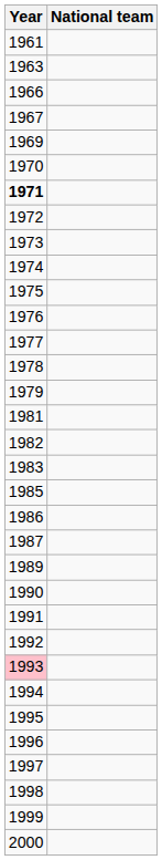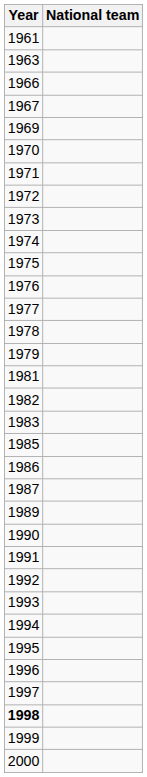 <table class="wikitable">
 <tr>
 <th>Year</th>
 <th>National team</th>
 </tr>
 <tr>
 <td>1961</td>
 <td></td>
 </tr>
 <tr>
 <td>1963</td>
 <td></td>
 </tr>
 <tr>
 <td>1966</td>
 <td></td>
 </tr>
 <tr>
 <td>1967</td>
 <td></td>
 </tr>
 <tr>
 <td>1969</td>
 <td></td>
 </tr>
 <tr>
 <td>1970</td>
 <td></td>
 </tr>
 <tr>
-<td><strong>1971</strong></td>
+<td>1971</td>
 <td></td>
 </tr>
 <tr>
 <td>1972</td>
 <td></td>
 </tr>
 <tr>
 <td>1973</td>
 <td></td>
 </tr>
 <tr>
 <td>1974</td>
 <td></td>
 </tr>
 <tr>
 <td>1975</td>
 <td></td>
 </tr>
 <tr>
 <td>1976</td>
 <td></td>
 </tr>
 <tr>
 <td>1977</td>
 <td></td>
 </tr>
 <tr>
 <td>1978</td>
 <td></td>
 </tr>
 <tr>
 <td>1979</td>
 <td></td>
 </tr>
 <tr>
 <td>1981</td>
 <td></td>
 </tr>
 <tr>
 <td>1982</td>
 <td></td>
 </tr>
 <tr>
 <td>1983</td>
 <td></td>
 </tr>
 <tr>
 <td>1985</td>
 <td></td>
 </tr>
 <tr>
 <td>1986</td>
 <td></td>
 </tr>
 <tr>
 <td>1987</td>
 <td></td>
 </tr>
 <tr>
 <td>1989</td>
 <td></td>
 </tr>
 <tr>
 <td>1990</td>
 <td></td>
 </tr>
 <tr>
 <td>1991</td>
 <td></td>
 </tr>
 <tr>
 <td>1992</td>
 <td></td>
 </tr>
 <tr>
-<td style="background: pink;">1993</td>
+<td>1993</td>
 <td></td>
 </tr>
 <tr>
 <td>1994</td>
 <td></td>
 </tr>
 <tr>
 <td>1995</td>
 <td></td>
 </tr>
 <tr>
 <td>1996</td>
 <td></td>
 </tr>
 <tr>
 <td>1997</td>
 <td></td>
 </tr>
 <tr>
-<td>1998</td>
+<td><strong>1998</strong></td>
 <td></td>
 </tr>
 <tr>
 <td>1999</td>
 <td></td>
 </tr>
 <tr>
 <td>2000</td>
 <td></td>
 </tr>
 </table>
